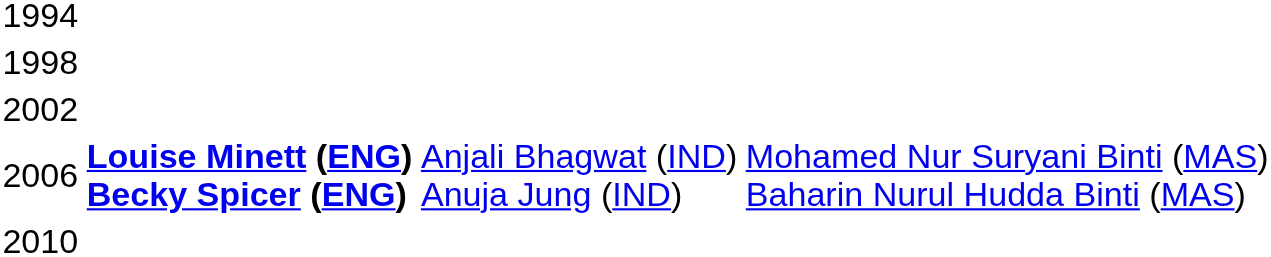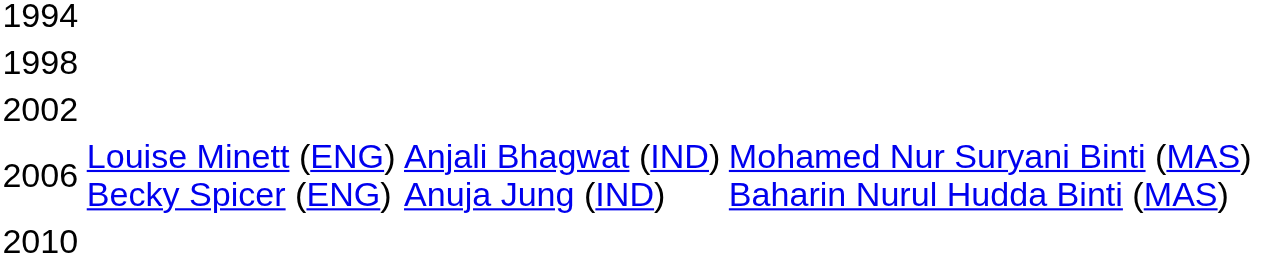 <table>
 <tr>
 <td>1994</td>
 <td></td>
 <td></td>
 <td></td>
 </tr>
 <tr>
 <td>1998</td>
 <td></td>
 <td></td>
 <td></td>
 </tr>
 <tr>
 <td>2002</td>
 <td></td>
 <td></td>
 <td></td>
 </tr>
 <tr>
 <td>2006</td>
-<td><strong> <a href='#'>Louise Minett</a> (<a href='#'>ENG</a>)<br> <a href='#'>Becky Spicer</a> (<a href='#'>ENG</a>)</strong></td>
+<td> <a href='#'>Louise Minett</a> (<a href='#'>ENG</a>)<br> <a href='#'>Becky Spicer</a> (<a href='#'>ENG</a>)</td>
 <td> <a href='#'>Anjali Bhagwat</a> (<a href='#'>IND</a>)<br> <a href='#'>Anuja Jung</a> (<a href='#'>IND</a>)</td>
 <td> <a href='#'>Mohamed Nur Suryani Binti</a> (<a href='#'>MAS</a>)<br> <a href='#'>Baharin Nurul Hudda Binti</a> (<a href='#'>MAS</a>)</td>
 </tr>
 <tr>
 <td>2010<br></td>
 <td></td>
 <td></td>
 <td></td>
 </tr>
 </table>
